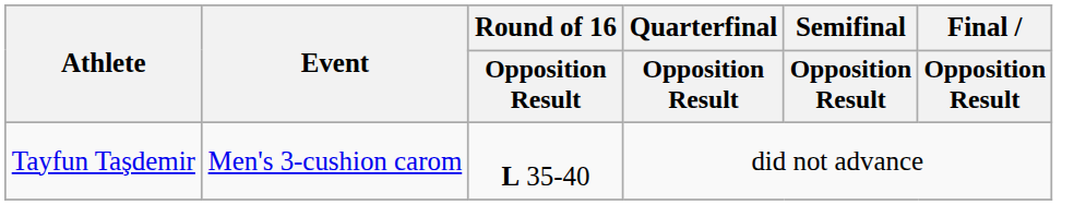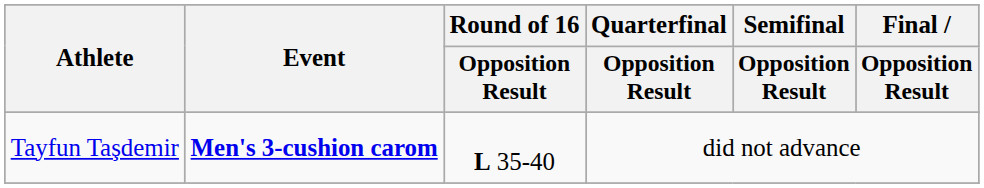 <table class=wikitable style=font-size:90%;text-align:center>
 <tr>
 <th rowspan=2>Athlete</th>
 <th rowspan=2>Event</th>
 <th>Round of 16</th>
 <th>Quarterfinal</th>
 <th>Semifinal</th>
 <th>Final / </th>
 </tr>
 <tr style=font-size:95%>
 <th>Opposition<br>Result</th>
 <th>Opposition<br>Result</th>
 <th>Opposition<br>Result</th>
 <th>Opposition<br>Result</th>
 </tr>
 <tr>
 <td align=left><a href='#'>Tayfun Taşdemir</a></td>
-<td align=left><a href='#'>Men's 3-cushion carom</a></td>
+<td align=left><strong><a href='#'>Men's 3-cushion carom</a></strong></td>
 <td><br><strong>L</strong> 35-40</td>
 <td colspan=4>did not advance</td>
 </tr>
 </table>
